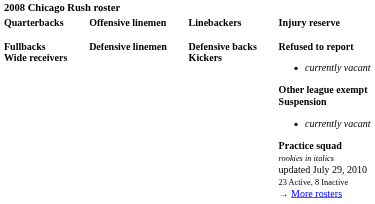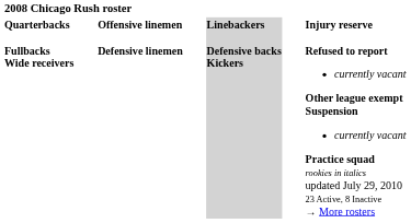 <table class="toccolours" style="text-align: left;">
 <tr>
 <th colspan="7"><strong>2008 Chicago Rush roster</strong></th>
 </tr>
 <tr>
 <td style="font-size: 95%;" valign="top"><strong>Quarterbacks</strong><br> <br><strong>Fullbacks</strong> <br><strong>Wide receivers</strong>    </td>
 <td style="width: 25px;"></td>
 <td style="font-size: 95%;" valign="top"><strong>Offensive linemen</strong><br>   <br><strong>Defensive linemen</strong>     </td>
 <td style="width: 25px;"></td>
-<td style="font-size: 95%;" valign="top"><strong>Linebackers</strong><br><br><strong>Defensive backs</strong>    <br><strong>Kickers</strong>  </td>
+<td style="background: lightgrey; font-size: 95%;" valign="top"><strong>Linebackers</strong><br><br><strong>Defensive backs</strong>    <br><strong>Kickers</strong>  </td>
 <td style="width: 25px;"></td>
 <td style="font-size: 95%;" valign="top"><strong>Injury reserve</strong><br>     <br><strong>Refused to report</strong><ul><li><em>currently vacant</em></li></ul><strong>Other league exempt</strong> <br><strong>Suspension</strong><ul><li><em>currently vacant</em></li></ul><strong>Practice squad</strong> <br><small><em>rookies in italics</em></small><br>  updated July 29, 2010<br> <small>23 Active, 8 Inactive</small><br>→ <a href='#'>More rosters</a></td>
 </tr>
 <tr>
 </tr>
 </table>
